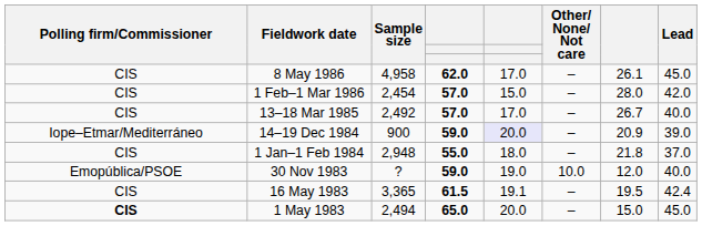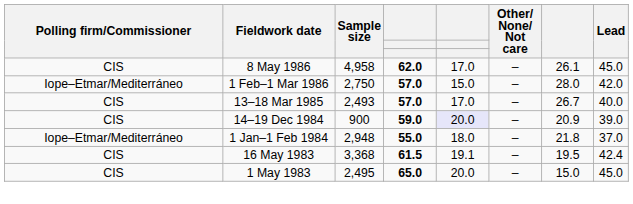 <table class="wikitable collapsible collapsed" style="text-align:center; font-size:90%; line-height:14px;">
 <tr style="height:42px;">
 <th style="width:250px;" rowspan="3">Polling firm/Commissioner</th>
 <th style="width:125px;" rowspan="3">Fieldwork date</th>
 <th style="width:50px;" rowspan="3">Sample size</th>
 <th style="width:55px;"></th>
 <th style="width:55px;"></th>
 <th style="width:55px;" rowspan="3">Other/<br>None/<br>Not<br>care</th>
 <th style="width:55px;" rowspan="3"></th>
 <th style="width:30px;" rowspan="3">Lead</th>
 </tr>
 <tr>
 <th style="color:inherit;background:"></th>
 <th style="color:inherit;background:"></th>
 </tr>
 <tr>
 <th></th>
 <th></th>
 </tr>
 <tr>
 <td>CIS</td>
 <td>8 May 1986</td>
 <td>4,958</td>
 <td><strong>62.0</strong></td>
 <td>17.0</td>
 <td>–</td>
 <td>26.1</td>
 <td style="background:">45.0</td>
 </tr>
 <tr>
-<td>CIS</td>
+<td>Iope–Etmar/Mediterráneo</td>
 <td>1 Feb–1 Mar 1986</td>
-<td>2,454</td>
+<td>2,750</td>
 <td><strong>57.0</strong></td>
 <td>15.0</td>
 <td>–</td>
 <td>28.0</td>
 <td style="background:">42.0</td>
 </tr>
 <tr>
 <td>CIS</td>
 <td>13–18 Mar 1985</td>
-<td>2,492</td>
+<td>2,493</td>
 <td><strong>57.0</strong></td>
 <td>17.0</td>
 <td>–</td>
 <td>26.7</td>
 <td style="background:">40.0</td>
 </tr>
 <tr>
-<td>Iope–Etmar/Mediterráneo</td>
+<td>CIS</td>
 <td>14–19 Dec 1984</td>
 <td>900</td>
 <td><strong>59.0</strong></td>
 <td style="background: lavender;">20.0</td>
 <td>–</td>
 <td>20.9</td>
 <td style="background:">39.0</td>
 </tr>
 <tr>
-<td>CIS</td>
+<td>Iope–Etmar/Mediterráneo</td>
 <td>1 Jan–1 Feb 1984</td>
 <td>2,948</td>
 <td><strong>55.0</strong></td>
 <td>18.0</td>
 <td>–</td>
 <td>21.8</td>
 <td style="background:">37.0</td>
 </tr>
 <tr>
-<td>Emopública/PSOE</td>
-<td>30 Nov 1983</td>
-<td>?</td>
-<td><strong>59.0</strong></td>
-<td>19.0</td>
-<td>10.0</td>
-<td>12.0</td>
-<td style="background:">40.0</td>
-</tr>
-<tr>
 <td>CIS</td>
 <td>16 May 1983</td>
-<td>3,365</td>
+<td>3,368</td>
 <td><strong>61.5</strong></td>
 <td>19.1</td>
 <td>–</td>
 <td>19.5</td>
 <td style="background:">42.4</td>
 </tr>
 <tr>
-<td><strong>CIS</strong></td>
+<td>CIS</td>
 <td>1 May 1983</td>
-<td>2,494</td>
+<td>2,495</td>
 <td><strong>65.0</strong></td>
 <td>20.0</td>
 <td>–</td>
 <td>15.0</td>
 <td style="background:">45.0</td>
 </tr>
 </table>
